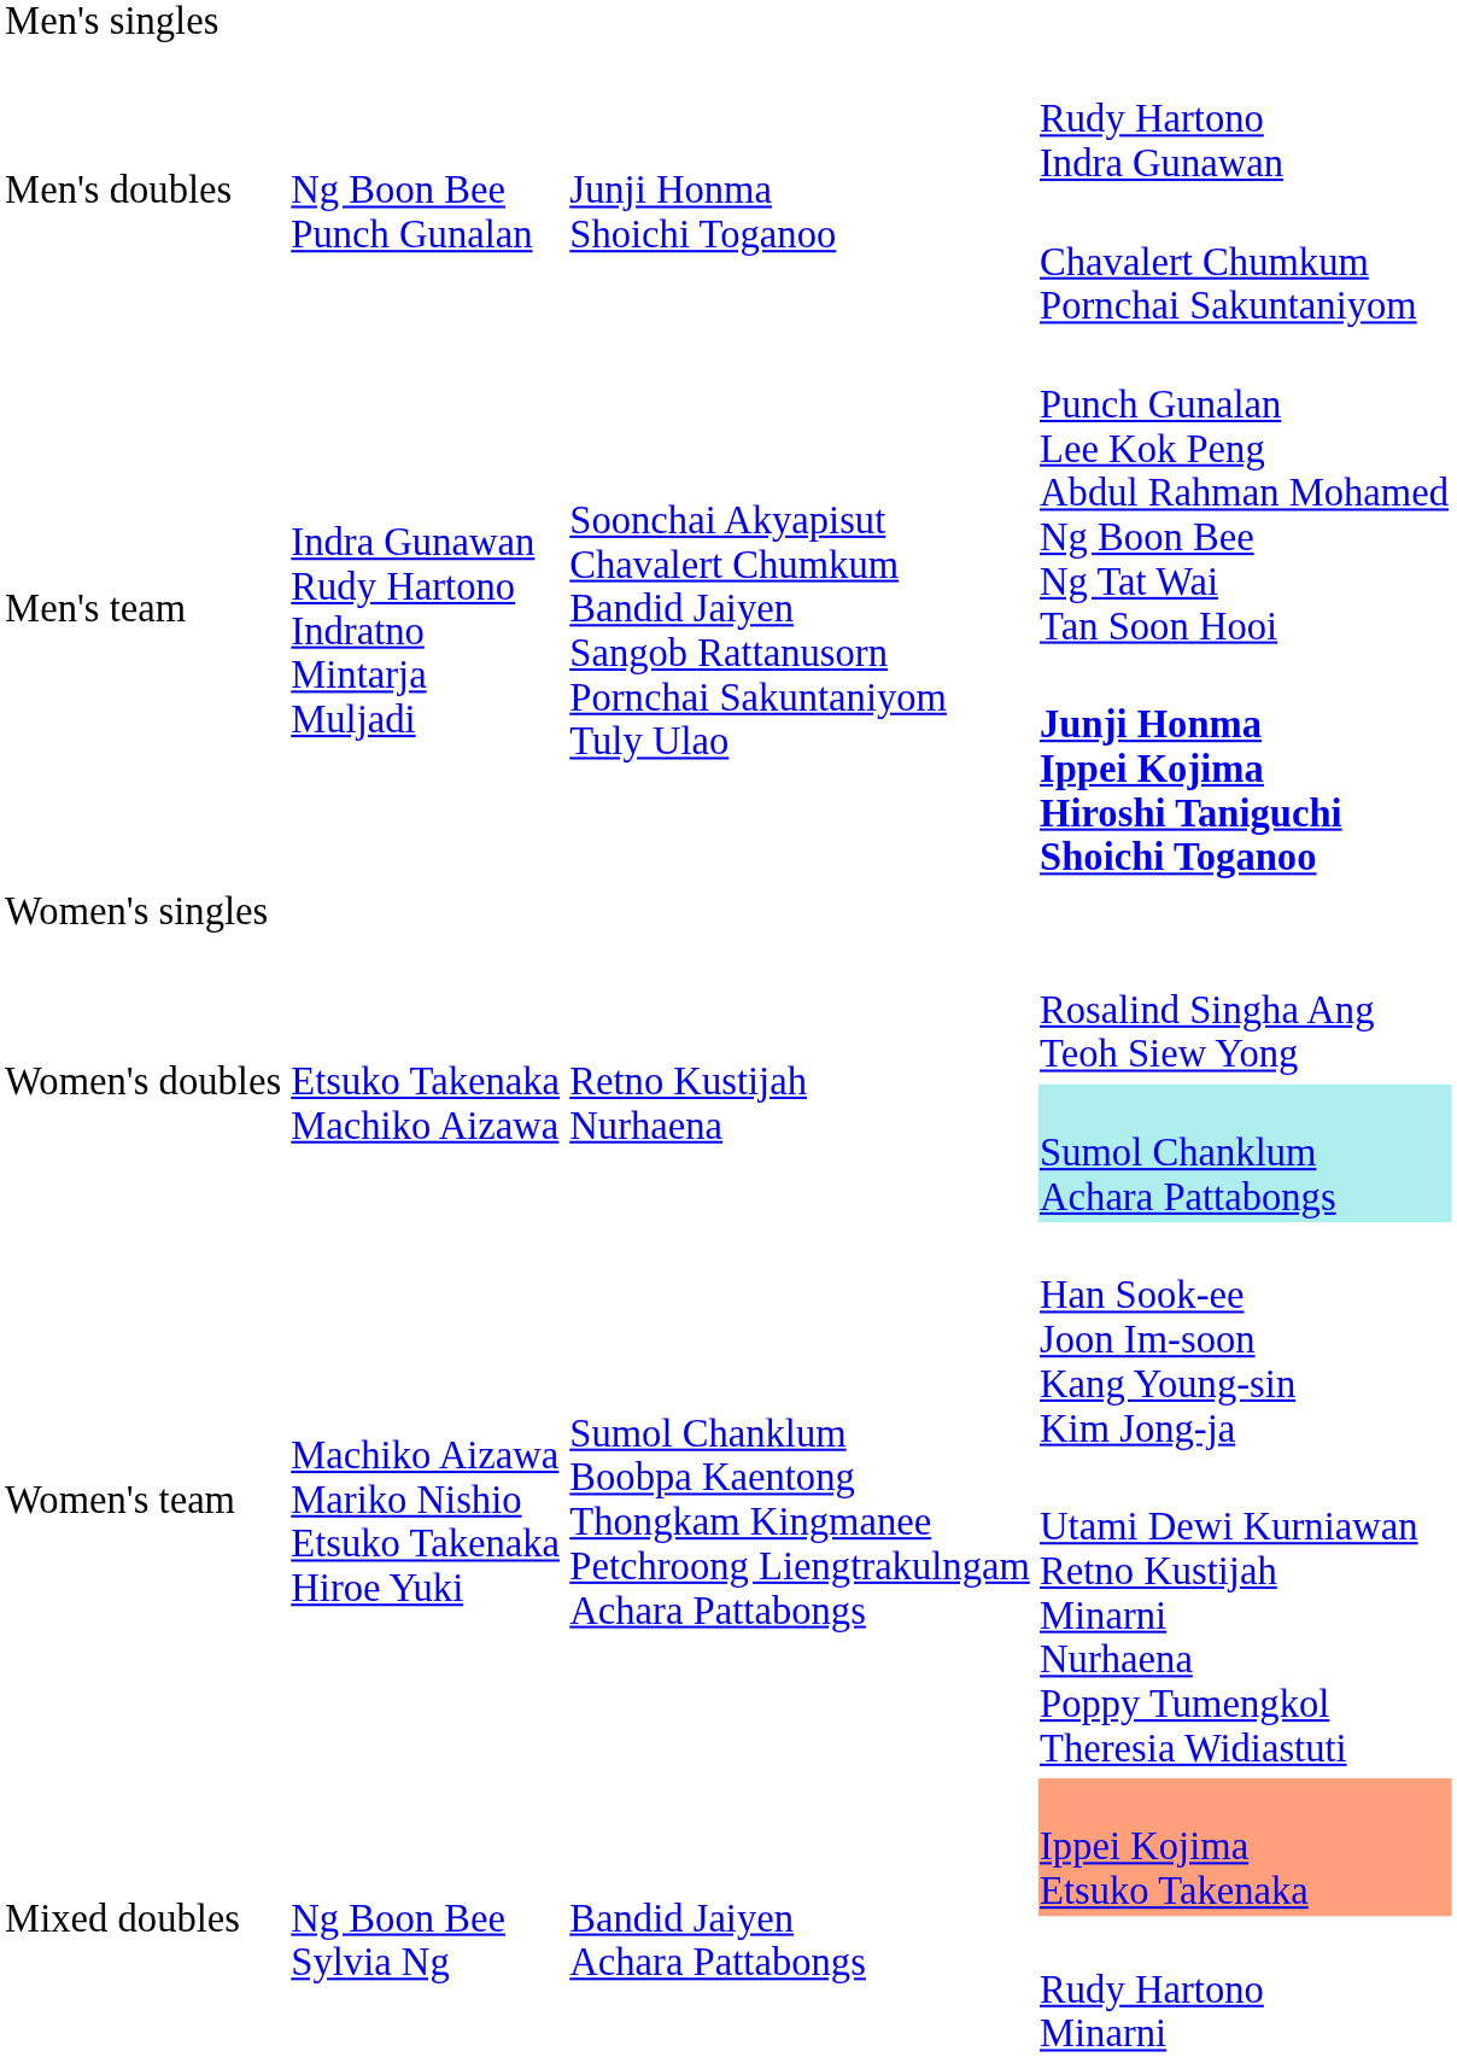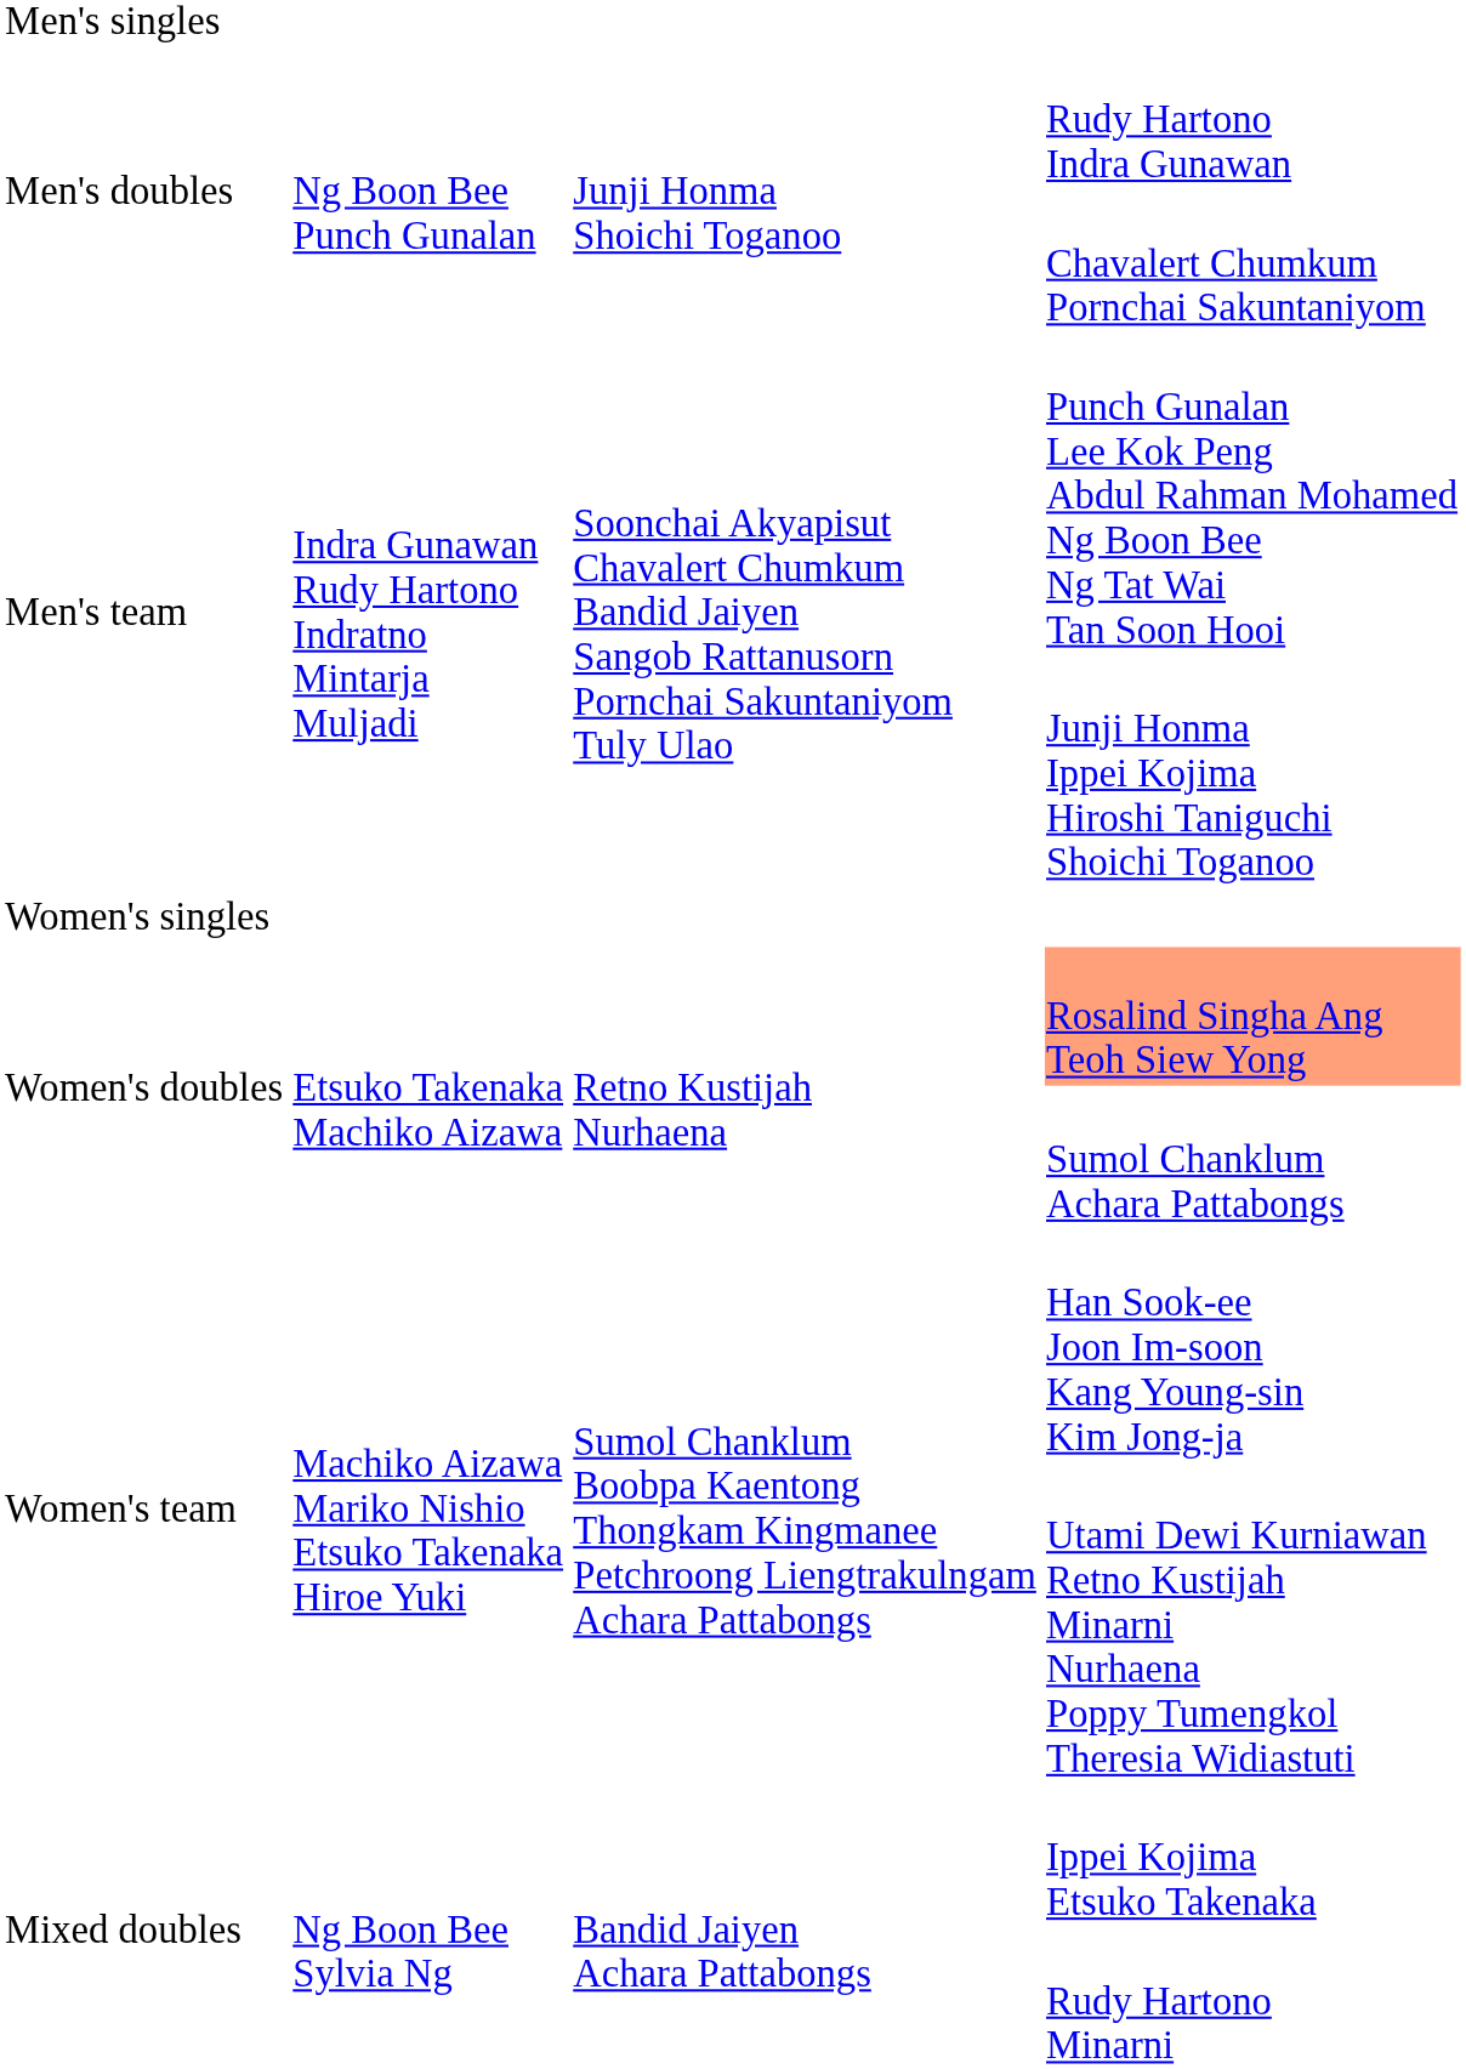 <table>
 <tr>
 <td rowspan=2>Men's singles<br></td>
 <td rowspan=2></td>
 <td rowspan=2></td>
 <td></td>
 </tr>
 <tr>
 <td></td>
 </tr>
 <tr>
 <td rowspan=2>Men's doubles<br></td>
 <td rowspan=2><br><a href='#'>Ng Boon Bee</a><br><a href='#'>Punch Gunalan</a></td>
 <td rowspan=2><br><a href='#'>Junji Honma</a><br><a href='#'>Shoichi Toganoo</a></td>
 <td><br><a href='#'>Rudy Hartono</a><br><a href='#'>Indra Gunawan</a></td>
 </tr>
 <tr>
 <td><br><a href='#'>Chavalert Chumkum</a><br><a href='#'>Pornchai Sakuntaniyom</a></td>
 </tr>
 <tr>
 <td rowspan=2>Men's team<br></td>
 <td rowspan=2><br><a href='#'>Indra Gunawan</a><br><a href='#'>Rudy Hartono</a><br><a href='#'>Indratno</a><br><a href='#'>Mintarja</a><br><a href='#'>Muljadi</a></td>
 <td rowspan=2><br><a href='#'>Soonchai Akyapisut</a><br><a href='#'>Chavalert Chumkum</a><br><a href='#'>Bandid Jaiyen</a><br><a href='#'>Sangob Rattanusorn</a><br><a href='#'>Pornchai Sakuntaniyom</a><br><a href='#'>Tuly Ulao</a></td>
 <td><br><a href='#'>Punch Gunalan</a><br><a href='#'>Lee Kok Peng</a><br><a href='#'>Abdul Rahman Mohamed</a><br><a href='#'>Ng Boon Bee</a><br><a href='#'>Ng Tat Wai</a><br><a href='#'>Tan Soon Hooi</a></td>
 </tr>
 <tr>
-<td><strong><br><a href='#'>Junji Honma</a><br><a href='#'>Ippei Kojima</a><br><a href='#'>Hiroshi Taniguchi</a><br><a href='#'>Shoichi Toganoo</a></strong></td>
+<td><br><a href='#'>Junji Honma</a><br><a href='#'>Ippei Kojima</a><br><a href='#'>Hiroshi Taniguchi</a><br><a href='#'>Shoichi Toganoo</a></td>
 </tr>
 <tr>
 <td rowspan=2>Women's singles<br></td>
 <td rowspan=2></td>
 <td rowspan=2></td>
 <td></td>
 </tr>
 <tr>
 <td></td>
 </tr>
 <tr>
 <td rowspan=2>Women's doubles<br></td>
 <td rowspan=2><br><a href='#'>Etsuko Takenaka</a><br><a href='#'>Machiko Aizawa</a></td>
 <td rowspan=2><br><a href='#'>Retno Kustijah</a><br><a href='#'>Nurhaena</a></td>
-<td><br><a href='#'>Rosalind Singha Ang</a><br><a href='#'>Teoh Siew Yong</a></td>
+<td style="background: lightsalmon;"><br><a href='#'>Rosalind Singha Ang</a><br><a href='#'>Teoh Siew Yong</a></td>
 </tr>
 <tr>
-<td style="background: paleturquoise;"><br><a href='#'>Sumol Chanklum</a><br><a href='#'>Achara Pattabongs</a></td>
+<td><br><a href='#'>Sumol Chanklum</a><br><a href='#'>Achara Pattabongs</a></td>
 </tr>
 <tr>
 <td rowspan=2>Women's team<br></td>
 <td rowspan=2><br><a href='#'>Machiko Aizawa</a><br><a href='#'>Mariko Nishio</a><br><a href='#'>Etsuko Takenaka</a><br><a href='#'>Hiroe Yuki</a></td>
 <td rowspan=2><br><a href='#'>Sumol Chanklum</a><br><a href='#'>Boobpa Kaentong</a><br><a href='#'>Thongkam Kingmanee</a><br><a href='#'>Petchroong Liengtrakulngam</a><br><a href='#'>Achara Pattabongs</a></td>
 <td><br><a href='#'>Han Sook-ee</a><br><a href='#'>Joon Im-soon</a><br><a href='#'>Kang Young-sin</a><br><a href='#'>Kim Jong-ja</a></td>
 </tr>
 <tr>
 <td><br><a href='#'>Utami Dewi Kurniawan</a><br><a href='#'>Retno Kustijah</a><br><a href='#'>Minarni</a><br><a href='#'>Nurhaena</a><br><a href='#'>Poppy Tumengkol</a><br><a href='#'>Theresia Widiastuti</a></td>
 </tr>
 <tr>
 <td rowspan=2>Mixed doubles<br></td>
 <td rowspan=2><br><a href='#'>Ng Boon Bee</a><br><a href='#'>Sylvia Ng</a></td>
 <td rowspan=2><br><a href='#'>Bandid Jaiyen</a><br><a href='#'>Achara Pattabongs</a></td>
-<td style="background: lightsalmon;"><br><a href='#'>Ippei Kojima</a><br><a href='#'>Etsuko Takenaka</a></td>
+<td><br><a href='#'>Ippei Kojima</a><br><a href='#'>Etsuko Takenaka</a></td>
 </tr>
 <tr>
 <td><br><a href='#'>Rudy Hartono</a><br><a href='#'>Minarni</a></td>
 </tr>
 </table>
